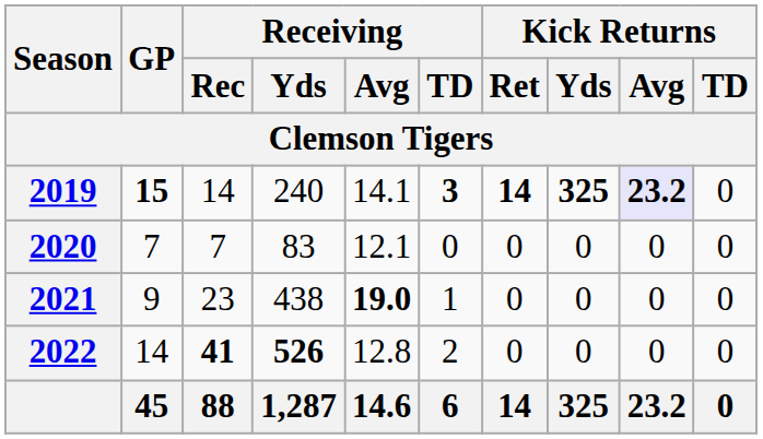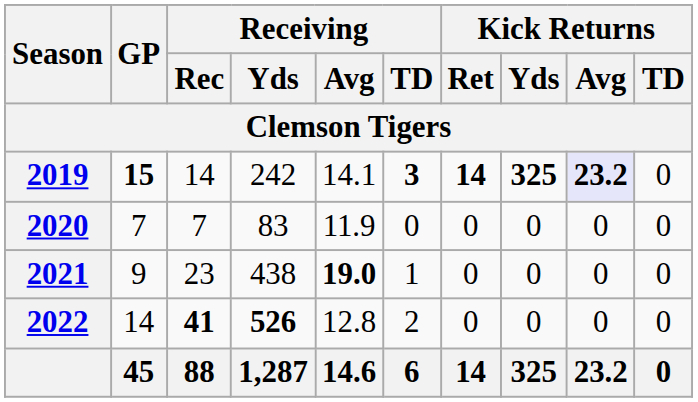 <table class="wikitable" style="text-align:center;">
 <tr>
 <th rowspan="2">Season</th>
 <th rowspan="2">GP</th>
 <th colspan="4">Receiving</th>
 <th colspan="4">Kick Returns</th>
 </tr>
 <tr>
 <th>Rec</th>
 <th>Yds</th>
 <th>Avg</th>
 <th>TD</th>
 <th>Ret</th>
 <th>Yds</th>
 <th>Avg</th>
 <th>TD</th>
 </tr>
 <tr>
 <th colspan="11">Clemson Tigers</th>
 </tr>
 <tr>
 <th><a href='#'>2019</a></th>
 <td><strong>15</strong></td>
 <td>14</td>
-<td>240</td>
+<td>242</td>
 <td>14.1</td>
 <td><strong>3</strong></td>
 <td><strong>14</strong></td>
 <td><strong>325</strong></td>
 <td style="background: lavender;"><strong>23.2</strong></td>
 <td>0</td>
 </tr>
 <tr>
 <th><a href='#'>2020</a></th>
 <td>7</td>
 <td>7</td>
 <td>83</td>
-<td>12.1</td>
+<td>11.9</td>
 <td>0</td>
 <td>0</td>
 <td>0</td>
 <td>0</td>
 <td>0</td>
 </tr>
 <tr>
 <th><a href='#'>2021</a></th>
 <td>9</td>
 <td>23</td>
 <td>438</td>
 <td><strong>19.0</strong></td>
 <td>1</td>
 <td>0</td>
 <td>0</td>
 <td>0</td>
 <td>0</td>
 </tr>
 <tr>
 <th><a href='#'>2022</a></th>
 <td>14</td>
 <td><strong>41</strong></td>
 <td><strong>526</strong></td>
 <td>12.8</td>
 <td>2</td>
 <td>0</td>
 <td>0</td>
 <td>0</td>
 <td>0</td>
 </tr>
 <tr>
 <th></th>
 <th>45</th>
 <th>88</th>
 <th>1,287</th>
 <th>14.6</th>
 <th>6</th>
 <th>14</th>
 <th>325</th>
 <th>23.2</th>
 <th>0</th>
 </tr>
 </table>
